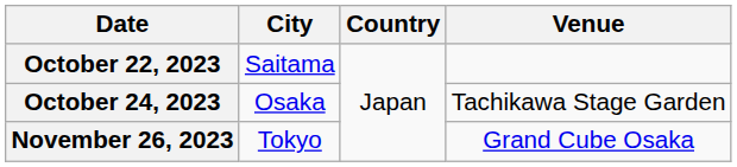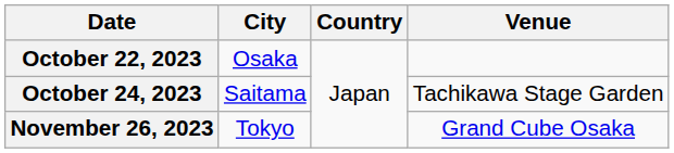 <table class="wikitable plainrowheaders" style="text-align:center">
 <tr>
 <th scope="col">Date</th>
 <th scope="col">City</th>
 <th scope="col">Country</th>
 <th scope="col">Venue</th>
 </tr>
 <tr>
 <th scope="row">October 22, 2023</th>
-<td><a href='#'>Saitama</a></td>
+<td><a href='#'>Osaka</a></td>
 <td rowspan="3">Japan</td>
 <td></td>
 </tr>
 <tr>
 <th scope="row">October 24, 2023</th>
-<td><a href='#'>Osaka</a></td>
+<td><a href='#'>Saitama</a></td>
 <td>Tachikawa Stage Garden</td>
 </tr>
 <tr>
 <th scope="row">November 26, 2023</th>
 <td><a href='#'>Tokyo</a></td>
 <td><a href='#'>Grand Cube Osaka</a></td>
 </tr>
 </table>
